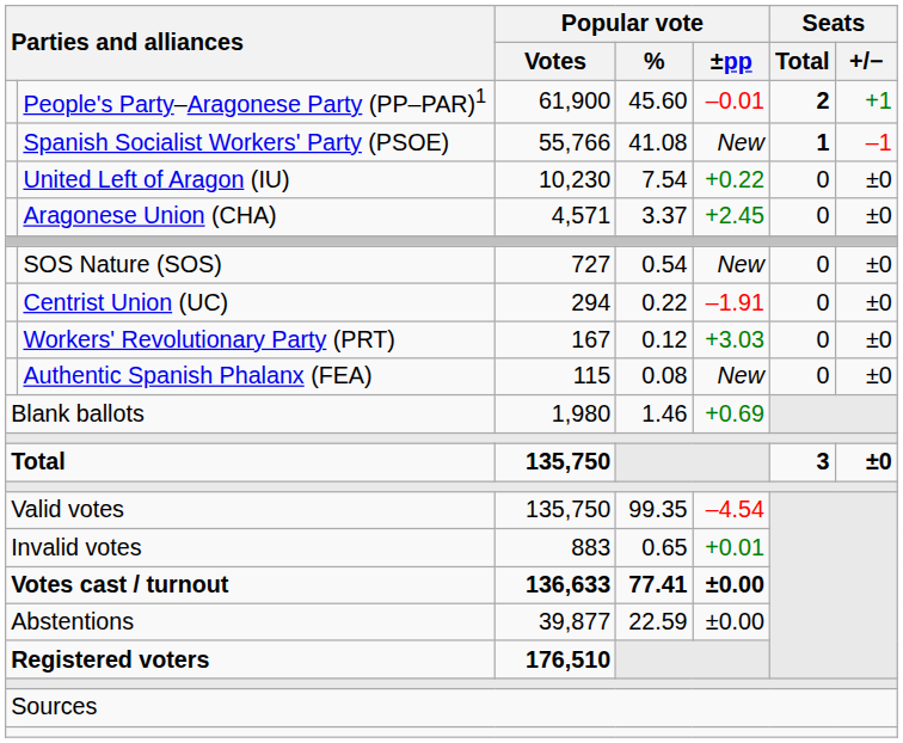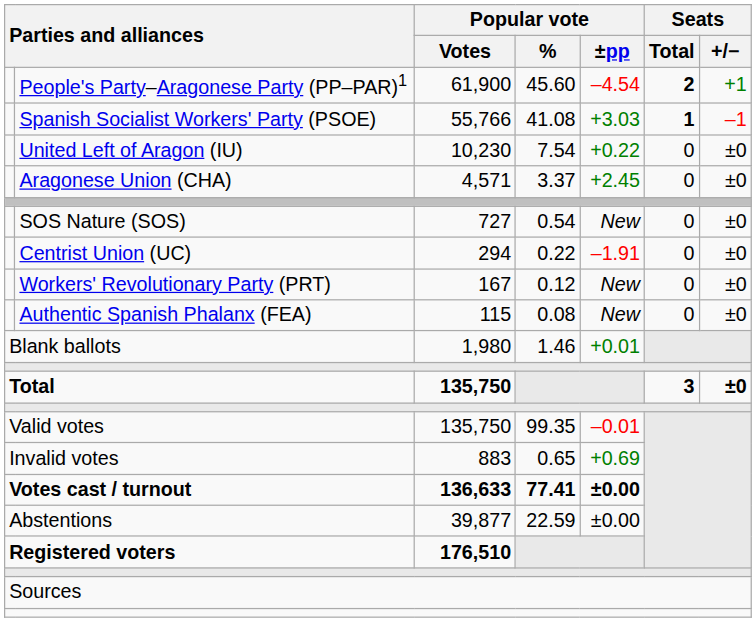 <table class="wikitable" style="text-align:right;">
 <tr>
 <th style="text-align:left;" rowspan="2" colspan="2" width="525">Parties and alliances</th>
 <th colspan="3">Popular vote</th>
 <th colspan="2">Seats</th>
 </tr>
 <tr>
 <th width="75">Votes</th>
 <th width="45">%</th>
 <th width="45">±<a href='#'>pp</a></th>
 <th width="35">Total</th>
 <th width="35">+/−</th>
 </tr>
 <tr>
 <td width="1" style="color:inherit;background:"></td>
 <td align="left"><a href='#'>People's Party</a>–<a href='#'>Aragonese Party</a> (PP–PAR)<sup>1</sup></td>
 <td>61,900</td>
 <td>45.60</td>
-<td style="color:red;">–0.01</td>
+<td style="color:red;">–4.54</td>
 <td><strong>2</strong></td>
 <td style="color:green;">+1</td>
 </tr>
 <tr>
 <td style="color:inherit;background:"></td>
 <td align="left"><a href='#'>Spanish Socialist Workers' Party</a> (PSOE)</td>
 <td>55,766</td>
 <td>41.08</td>
-<td><em>New</em></td>
+<td style="color:green;">+3.03</td>
 <td><strong>1</strong></td>
 <td style="color:red;">–1</td>
 </tr>
 <tr>
 <td style="color:inherit;background:"></td>
 <td align="left"><a href='#'>United Left of Aragon</a> (IU)</td>
 <td>10,230</td>
 <td>7.54</td>
 <td style="color:green;">+0.22</td>
 <td>0</td>
 <td>±0</td>
 </tr>
 <tr>
 <td style="color:inherit;background:"></td>
 <td align="left"><a href='#'>Aragonese Union</a> (CHA)</td>
 <td>4,571</td>
 <td>3.37</td>
 <td style="color:green;">+2.45</td>
 <td>0</td>
 <td>±0</td>
 </tr>
 <tr>
 <td colspan="7" bgcolor="#C0C0C0"></td>
 </tr>
 <tr>
 <td style="color:inherit;background:"></td>
 <td align="left">SOS Nature (SOS)</td>
 <td>727</td>
 <td>0.54</td>
 <td><em>New</em></td>
 <td>0</td>
 <td>±0</td>
 </tr>
 <tr>
 <td style="color:inherit;background:"></td>
 <td align="left"><a href='#'>Centrist Union</a> (UC)</td>
 <td>294</td>
 <td>0.22</td>
 <td style="color:red;">–1.91</td>
 <td>0</td>
 <td>±0</td>
 </tr>
 <tr>
 <td style="color:inherit;background:"></td>
 <td align="left"><a href='#'>Workers' Revolutionary Party</a> (PRT)</td>
 <td>167</td>
 <td>0.12</td>
-<td style="color:green;">+3.03</td>
+<td><em>New</em></td>
 <td>0</td>
 <td>±0</td>
 </tr>
 <tr>
 <td style="color:inherit;background:"></td>
 <td align="left"><a href='#'>Authentic Spanish Phalanx</a> (FEA)</td>
 <td>115</td>
 <td>0.08</td>
 <td><em>New</em></td>
 <td>0</td>
 <td>±0</td>
 </tr>
 <tr>
 <td align="left" colspan="2">Blank ballots</td>
 <td>1,980</td>
 <td>1.46</td>
-<td style="color:green;">+0.69</td>
+<td style="color:green;">+0.01</td>
 <td bgcolor="#E9E9E9" colspan="2"></td>
 </tr>
 <tr>
 <td colspan="7" bgcolor="#E9E9E9"></td>
 </tr>
 <tr style="font-weight:bold;">
 <td align="left" colspan="2">Total</td>
 <td>135,750</td>
 <td bgcolor="#E9E9E9" colspan="2"></td>
 <td>3</td>
 <td>±0</td>
 </tr>
 <tr>
 <td colspan="7" bgcolor="#E9E9E9"></td>
 </tr>
 <tr>
 <td align="left" colspan="2">Valid votes</td>
 <td>135,750</td>
 <td>99.35</td>
-<td style="color:red;">–4.54</td>
+<td style="color:red;">–0.01</td>
 <td bgcolor="#E9E9E9" colspan="2" rowspan="5"></td>
 </tr>
 <tr>
 <td align="left" colspan="2">Invalid votes</td>
 <td>883</td>
 <td>0.65</td>
-<td style="color:green;">+0.01</td>
+<td style="color:green;">+0.69</td>
 </tr>
 <tr style="font-weight:bold;">
 <td align="left" colspan="2">Votes cast / turnout</td>
 <td>136,633</td>
 <td>77.41</td>
 <td>±0.00</td>
 </tr>
 <tr>
 <td align="left" colspan="2">Abstentions</td>
 <td>39,877</td>
 <td>22.59</td>
 <td>±0.00</td>
 </tr>
 <tr style="font-weight:bold;">
 <td align="left" colspan="2">Registered voters</td>
 <td>176,510</td>
 <td bgcolor="#E9E9E9" colspan="2"></td>
 </tr>
 <tr>
 <td colspan="7" bgcolor="#E9E9E9"></td>
 </tr>
 <tr>
 <td align="left" colspan="7">Sources</td>
 </tr>
 <tr>
 <td colspan="7" style="text-align:left; max-width:790px;"></td>
 </tr>
 </table>
